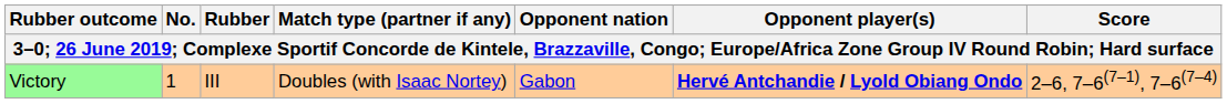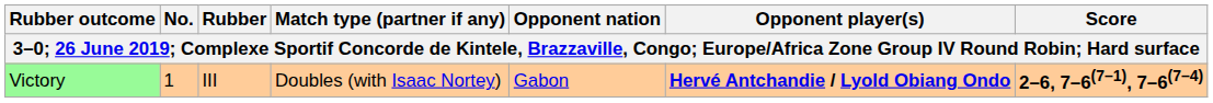 <table class=wikitable>
 <tr>
 <th>Rubber outcome</th>
 <th>No.</th>
 <th>Rubber</th>
 <th>Match type (partner if any)</th>
 <th>Opponent nation</th>
 <th>Opponent player(s)</th>
 <th>Score</th>
 </tr>
 <tr>
 <th colspan=7>3–0; <a href='#'>26 June 2019</a>; Complexe Sportif Concorde de Kintele, <a href='#'>Brazzaville</a>, Congo; Europe/Africa Zone Group IV Round Robin; Hard surface</th>
 </tr>
 <tr bgcolor=#FFCC99>
 <td bgcolor=98FB98>Victory</td>
 <td>1</td>
 <td>III</td>
 <td>Doubles (with <a href='#'>Isaac Nortey</a>)</td>
 <td> <a href='#'>Gabon</a></td>
 <td><strong><a href='#'>Hervé Antchandie</a> / <a href='#'>Lyold Obiang Ondo</a></strong></td>
-<td>2–6, 7–6<sup>(7–1)</sup>, 7–6<sup>(7–4)</sup></td>
+<td><strong>2–6, 7–6<sup>(7–1)</sup>, 7–6<sup>(7–4)</sup></strong></td>
 </tr>
 </table>
